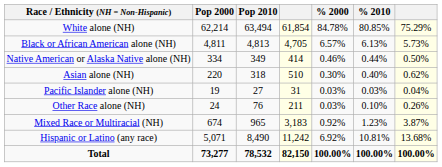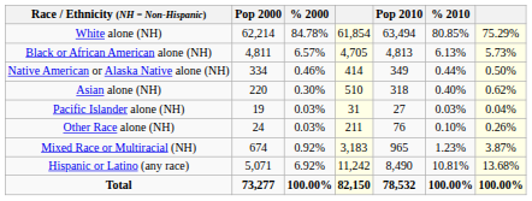 <table class="wikitable" style="text-align:center;">
 <tr>
 <th>Race / Ethnicity <small>(<em>NH = Non-Hispanic</em>)</small></th>
 <th>Pop 2000</th>
+<th>% 2000</th>
+<th></th>
 <th>Pop 2010</th>
-<th></th>
-<th>% 2000</th>
 <th>% 2010</th>
 <th></th>
 </tr>
 <tr>
 <td><a href='#'>White</a> alone (NH)</td>
 <td>62,214</td>
+<td>84.78%</td>
+<td style='background: #ffffe6;'>61,854</td>
 <td>63,494</td>
-<td style='background: #ffffe6;'>61,854</td>
-<td>84.78%</td>
 <td>80.85%</td>
 <td style='background: #ffffe6;'>75.29%</td>
 </tr>
 <tr>
 <td><a href='#'>Black or African American</a> alone (NH)</td>
 <td>4,811</td>
+<td>6.57%</td>
+<td style='background: #ffffe6;'>4,705</td>
 <td>4,813</td>
-<td style='background: #ffffe6;'>4,705</td>
-<td>6.57%</td>
 <td>6.13%</td>
 <td style='background: #ffffe6;'>5.73%</td>
 </tr>
 <tr>
 <td><a href='#'>Native American</a> or <a href='#'>Alaska Native</a> alone (NH)</td>
 <td>334</td>
+<td>0.46%</td>
+<td style='background: #ffffe6;'>414</td>
 <td>349</td>
-<td style='background: #ffffe6;'>414</td>
-<td>0.46%</td>
 <td>0.44%</td>
 <td style='background: #ffffe6;'>0.50%</td>
 </tr>
 <tr>
 <td><a href='#'>Asian</a> alone (NH)</td>
 <td>220</td>
+<td>0.30%</td>
+<td style='background: #ffffe6;'>510</td>
 <td>318</td>
-<td style='background: #ffffe6;'>510</td>
-<td>0.30%</td>
 <td>0.40%</td>
 <td style='background: #ffffe6;'>0.62%</td>
 </tr>
 <tr>
 <td><a href='#'>Pacific Islander</a> alone (NH)</td>
 <td>19</td>
+<td>0.03%</td>
+<td style='background: #ffffe6;'>31</td>
 <td>27</td>
-<td style='background: #ffffe6;'>31</td>
-<td>0.03%</td>
 <td>0.03%</td>
 <td style='background: #ffffe6;'>0.04%</td>
 </tr>
 <tr>
 <td><a href='#'>Other Race</a> alone (NH)</td>
 <td>24</td>
+<td>0.03%</td>
+<td style='background: #ffffe6;'>211</td>
 <td>76</td>
-<td style='background: #ffffe6;'>211</td>
-<td>0.03%</td>
 <td>0.10%</td>
 <td style='background: #ffffe6;'>0.26%</td>
 </tr>
 <tr>
 <td><a href='#'>Mixed Race or Multiracial</a> (NH)</td>
 <td>674</td>
+<td>0.92%</td>
+<td style='background: #ffffe6;'>3,183</td>
 <td>965</td>
-<td style='background: #ffffe6;'>3,183</td>
-<td>0.92%</td>
 <td>1.23%</td>
 <td style='background: #ffffe6;'>3.87%</td>
 </tr>
 <tr>
 <td><a href='#'>Hispanic or Latino</a> (any race)</td>
 <td>5,071</td>
+<td>6.92%</td>
+<td style='background: #ffffe6;'>11,242</td>
 <td>8,490</td>
-<td style='background: #ffffe6;'>11,242</td>
-<td>6.92%</td>
 <td>10.81%</td>
 <td style='background: #ffffe6;'>13.68%</td>
 </tr>
 <tr>
 <td><strong>Total</strong></td>
 <td><strong>73,277</strong></td>
+<td><strong>100.00%</strong></td>
+<td style='background: #ffffe6;'><strong>82,150</strong></td>
 <td><strong>78,532</strong></td>
-<td style='background: #ffffe6;'><strong>82,150</strong></td>
-<td><strong>100.00%</strong></td>
 <td><strong>100.00%</strong></td>
 <td style='background: #ffffe6;'><strong>100.00%</strong></td>
 </tr>
 </table>
